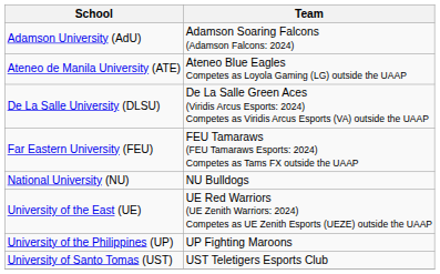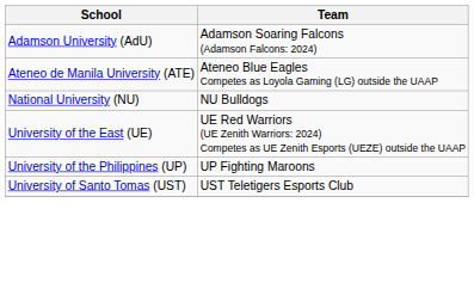 <table class="wikitable" style="text align: center">
 <tr>
 <th>School</th>
 <th>Team</th>
 </tr>
 <tr>
 <td> <a href='#'>Adamson University</a> (AdU)</td>
 <td>Adamson Soaring Falcons<br><small>(Adamson Falcons: 2024)</small></td>
 </tr>
 <tr>
 <td> <a href='#'>Ateneo de Manila University</a> (ATE)</td>
 <td>Ateneo Blue Eagles<br><small>Competes as Loyola Gaming (LG) outside the UAAP</small></td>
-</tr>
-<tr>
-<td> <a href='#'>De La Salle University</a> (DLSU)</td>
-<td>De La Salle Green Aces<br><small>(Viridis Arcus Esports: 2024)</small><br><small>Competes as Viridis Arcus Esports (VA) outside the UAAP</small></td>
-</tr>
-<tr>
-<td> <a href='#'>Far Eastern University</a> (FEU)</td>
-<td>FEU Tamaraws<br><small>(FEU Tamaraws Esports: 2024)</small><br><small>Competes as Tams FX outside the UAAP</small></td>
 </tr>
 <tr>
 <td> <a href='#'>National University</a> (NU)</td>
 <td>NU Bulldogs</td>
 </tr>
 <tr>
 <td> <a href='#'>University of the East</a> (UE)</td>
 <td>UE Red Warriors<br><small>(UE Zenith Warriors: 2024)</small><br><small>Competes as UE Zenith Esports (UEZE) outside the UAAP</small></td>
 </tr>
 <tr>
 <td> <a href='#'>University of the Philippines</a> (UP)</td>
 <td>UP Fighting Maroons</td>
 </tr>
 <tr>
 <td> <a href='#'>University of Santo Tomas</a> (UST)</td>
 <td>UST Teletigers Esports Club</td>
 </tr>
 <tr>
 </tr>
 </table>
